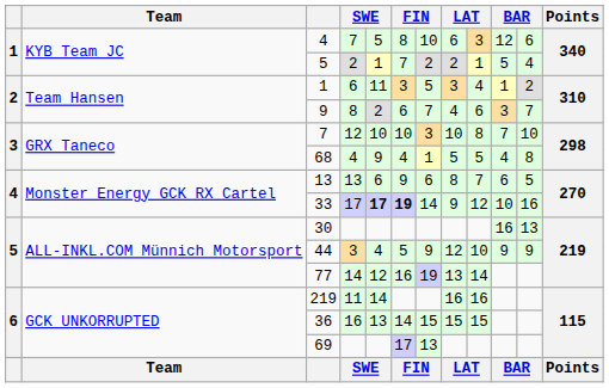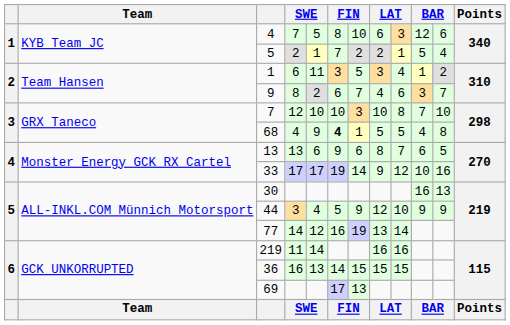 <table class="wikitable" style="font-size:85%; text-align:center">
 <tr>
 <th></th>
 <th>Team</th>
 <th></th>
 <th colspan=2><a href='#'>SWE</a><br></th>
 <th colspan=2><a href='#'>FIN</a><br></th>
 <th colspan=2><a href='#'>LAT</a><br></th>
 <th colspan=2><a href='#'>BAR</a><br></th>
 <th>Points</th>
 </tr>
 <tr>
 <th rowspan=2>1</th>
 <td rowspan=2 align=left> <a href='#'>KYB Team JC</a></td>
 <td>4</td>
 <td style="background:#dfffdf;">7</td>
 <td style="background:#dfffdf;">5</td>
 <td style="background:#dfffdf;">8</td>
 <td style="background:#dfffdf;">10</td>
 <td style="background:#dfffdf;">6</td>
 <td style="background:#ffdf9f;">3</td>
 <td style="background:#dfffdf;">12</td>
 <td style="background:#dfffdf;">6</td>
 <th rowspan=2>340</th>
 </tr>
 <tr>
 <td>5</td>
 <td style="background:#dfdfdf;">2</td>
 <td style="background:#ffffbf;">1</td>
 <td style="background:#dfffdf;">7</td>
 <td style="background:#dfdfdf;">2</td>
 <td style="background:#dfdfdf;">2</td>
 <td style="background:#ffffbf;">1</td>
 <td style="background:#dfffdf;">5</td>
 <td style="background:#dfffdf;">4</td>
 </tr>
 <tr>
 <th rowspan=2>2</th>
 <td rowspan=2 align=left> <a href='#'>Team Hansen</a></td>
 <td>1</td>
 <td style="background:#dfffdf;">6</td>
 <td style="background:#dfffdf;">11</td>
 <td style="background:#ffdf9f;">3</td>
 <td style="background:#dfffdf;">5</td>
 <td style="background:#ffdf9f;">3</td>
 <td style="background:#dfffdf;">4</td>
 <td style="background:#ffffbf;">1</td>
 <td style="background:#dfdfdf;">2</td>
 <th rowspan=2>310</th>
 </tr>
 <tr>
 <td>9</td>
 <td style="background:#dfffdf;">8</td>
 <td style="background:#dfdfdf;">2</td>
 <td style="background:#dfffdf;">6</td>
 <td style="background:#dfffdf;">7</td>
 <td style="background:#dfffdf;">4</td>
 <td style="background:#dfffdf;">6</td>
 <td style="background:#ffdf9f;">3</td>
 <td style="background:#dfffdf;">7</td>
 </tr>
 <tr>
 <th rowspan=2>3</th>
 <td rowspan=2 align=left> <a href='#'>GRX Taneco</a></td>
 <td>7</td>
 <td style="background:#dfffdf;">12</td>
 <td style="background:#dfffdf;">10</td>
 <td style="background:#dfffdf;">10</td>
 <td style="background:#ffdf9f;">3</td>
 <td style="background:#dfffdf;">10</td>
 <td style="background:#dfffdf;">8</td>
 <td style="background:#dfffdf;">7</td>
 <td style="background:#dfffdf;">10</td>
 <th rowspan=2>298</th>
 </tr>
 <tr>
 <td>68</td>
 <td style="background:#dfffdf;">4</td>
 <td style="background:#dfffdf;">9</td>
-<td style="background:#dfffdf;">4</td>
+<td style="background:#dfffdf;"><strong>4</strong></td>
 <td style="background:#ffffbf;">1</td>
 <td style="background:#dfffdf;">5</td>
 <td style="background:#dfffdf;">5</td>
 <td style="background:#dfffdf;">4</td>
 <td style="background:#dfffdf;">8</td>
 </tr>
 <tr>
 <th rowspan=2>4</th>
 <td rowspan=2 align=left> <a href='#'>Monster Energy GCK RX Cartel</a></td>
 <td>13</td>
 <td style="background:#dfffdf;">13</td>
 <td style="background:#dfffdf;">6</td>
 <td style="background:#dfffdf;">9</td>
 <td style="background:#dfffdf;">6</td>
 <td style="background:#dfffdf;">8</td>
 <td style="background:#dfffdf;">7</td>
 <td style="background:#dfffdf;">6</td>
 <td style="background:#dfffdf;">5</td>
 <th rowspan=2>270</th>
 </tr>
 <tr>
 <td>33</td>
 <td style="background:#cfcfff;">17</td>
-<td style="background:#cfcfff;"><strong>17</strong></td>
-<td style="background:#cfcfff;"><strong>19</strong></td>
+<td style="background:#cfcfff;">17</td>
+<td style="background:#cfcfff;">19</td>
 <td style="background:#dfffdf;">14</td>
 <td style="background:#dfffdf;">9</td>
 <td style="background:#dfffdf;">12</td>
 <td style="background:#dfffdf;">10</td>
 <td style="background:#dfffdf;">16</td>
 </tr>
 <tr>
 <th rowspan=3>5</th>
 <td rowspan=3 align=left> <a href='#'>ALL-INKL.COM Münnich Motorsport</a></td>
 <td>30</td>
 <td></td>
 <td></td>
 <td></td>
 <td></td>
 <td></td>
 <td></td>
 <td style="background:#dfffdf;">16</td>
 <td style="background:#dfffdf;">13</td>
 <th rowspan=3>219</th>
 </tr>
 <tr>
 <td>44</td>
 <td style="background:#ffdf9f;">3</td>
 <td style="background:#dfffdf;">4</td>
 <td style="background:#dfffdf;">5</td>
 <td style="background:#dfffdf;">9</td>
 <td style="background:#dfffdf;">12</td>
 <td style="background:#dfffdf;">10</td>
 <td style="background:#dfffdf;">9</td>
 <td style="background:#dfffdf;">9</td>
 </tr>
 <tr>
 <td>77</td>
 <td style="background:#dfffdf;">14</td>
 <td style="background:#dfffdf;">12</td>
 <td style="background:#dfffdf;">16</td>
 <td style="background:#cfcfff;">19</td>
 <td style="background:#dfffdf;">13</td>
 <td style="background:#dfffdf;">14</td>
 <td></td>
 <td></td>
 </tr>
 <tr>
 <th rowspan=3>6</th>
 <td rowspan=3 align=left> <a href='#'>GCK UNKORRUPTED</a></td>
 <td>219</td>
 <td style="background:#dfffdf;">11</td>
 <td style="background:#dfffdf;">14</td>
 <td></td>
 <td></td>
 <td style="background:#dfffdf;">16</td>
 <td style="background:#dfffdf;">16</td>
 <td></td>
 <td></td>
 <th rowspan=3>115</th>
 </tr>
 <tr>
 <td>36</td>
 <td style="background:#dfffdf;">16</td>
 <td style="background:#dfffdf;">13</td>
 <td style="background:#dfffdf;">14</td>
 <td style="background:#dfffdf;">15</td>
 <td style="background:#dfffdf;">15</td>
 <td style="background:#dfffdf;">15</td>
 <td></td>
 <td></td>
 </tr>
 <tr>
 <td>69</td>
 <td></td>
 <td></td>
 <td style="background:#cfcfff;">17</td>
 <td style="background:#dfffdf;">13</td>
 <td></td>
 <td></td>
 <td></td>
 <td></td>
 </tr>
 <tr>
 <th></th>
 <th>Team</th>
 <th></th>
 <th colspan=2><a href='#'>SWE</a><br></th>
 <th colspan=2><a href='#'>FIN</a><br></th>
 <th colspan=2><a href='#'>LAT</a><br></th>
 <th colspan=2><a href='#'>BAR</a><br></th>
 <th>Points</th>
 </tr>
 </table>
